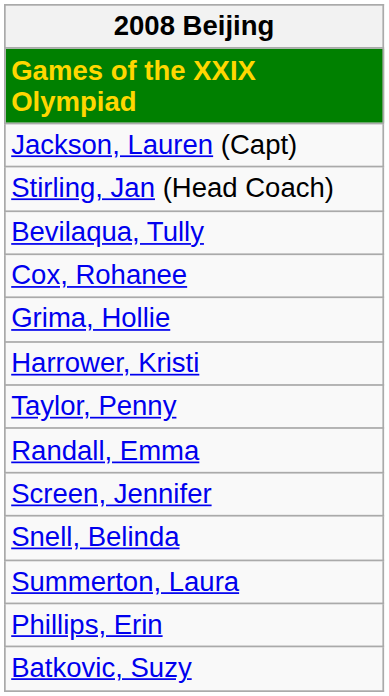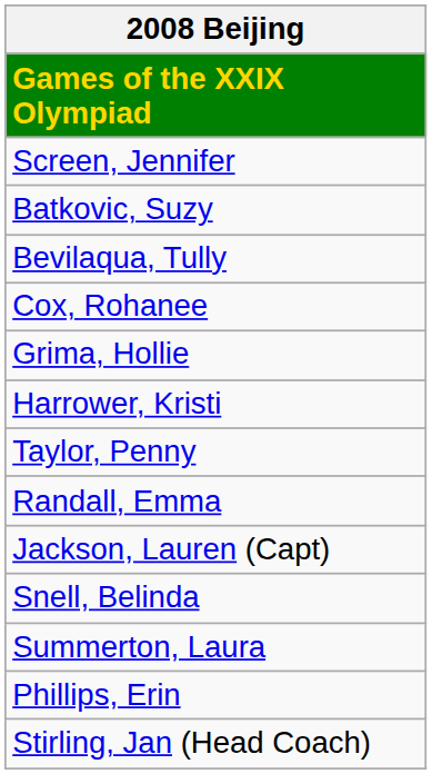 <table class="wikitable collapsible autocollapse" width=25%>
 <tr>
 <th>2008 Beijing</th>
 </tr>
 <tr>
 <td bgcolor=green style="color:gold; width:200px"><strong>Games of the XXIX Olympiad</strong></td>
 </tr>
 <tr>
-<td><a href='#'>Jackson, Lauren</a> (Capt)</td>
+<td><a href='#'>Screen, Jennifer</a></td>
 </tr>
 <tr>
-<td><a href='#'>Stirling, Jan</a> (Head Coach)</td>
+<td><a href='#'>Batkovic, Suzy</a></td>
 </tr>
 <tr>
 <td><a href='#'>Bevilaqua, Tully</a></td>
 </tr>
 <tr>
 <td><a href='#'>Cox, Rohanee</a></td>
 </tr>
 <tr>
 <td><a href='#'>Grima, Hollie</a></td>
 </tr>
 <tr>
 <td><a href='#'>Harrower, Kristi</a></td>
 </tr>
 <tr>
 <td><a href='#'>Taylor, Penny</a></td>
 </tr>
 <tr>
 <td><a href='#'>Randall, Emma</a></td>
 </tr>
 <tr>
-<td><a href='#'>Screen, Jennifer</a></td>
+<td><a href='#'>Jackson, Lauren</a> (Capt)</td>
 </tr>
 <tr>
 <td><a href='#'>Snell, Belinda</a></td>
 </tr>
 <tr>
 <td><a href='#'>Summerton, Laura</a></td>
 </tr>
 <tr>
 <td><a href='#'>Phillips, Erin</a></td>
 </tr>
 <tr>
-<td><a href='#'>Batkovic, Suzy</a></td>
+<td><a href='#'>Stirling, Jan</a> (Head Coach)</td>
 </tr>
 </table>
